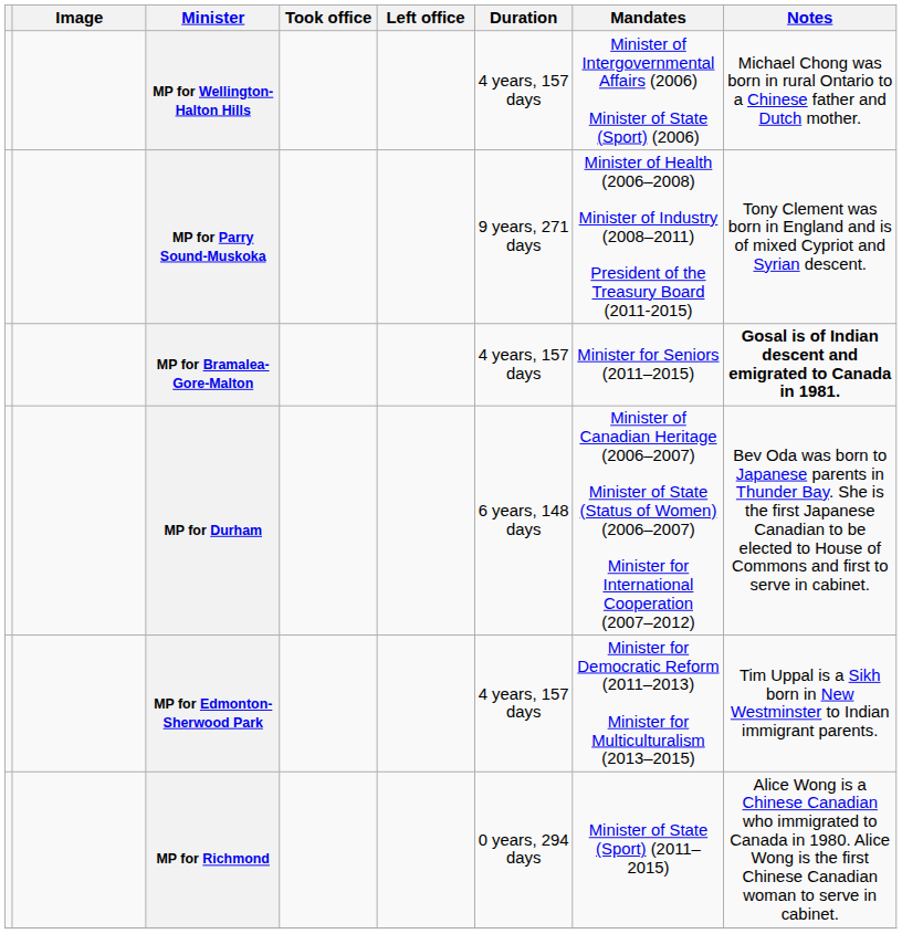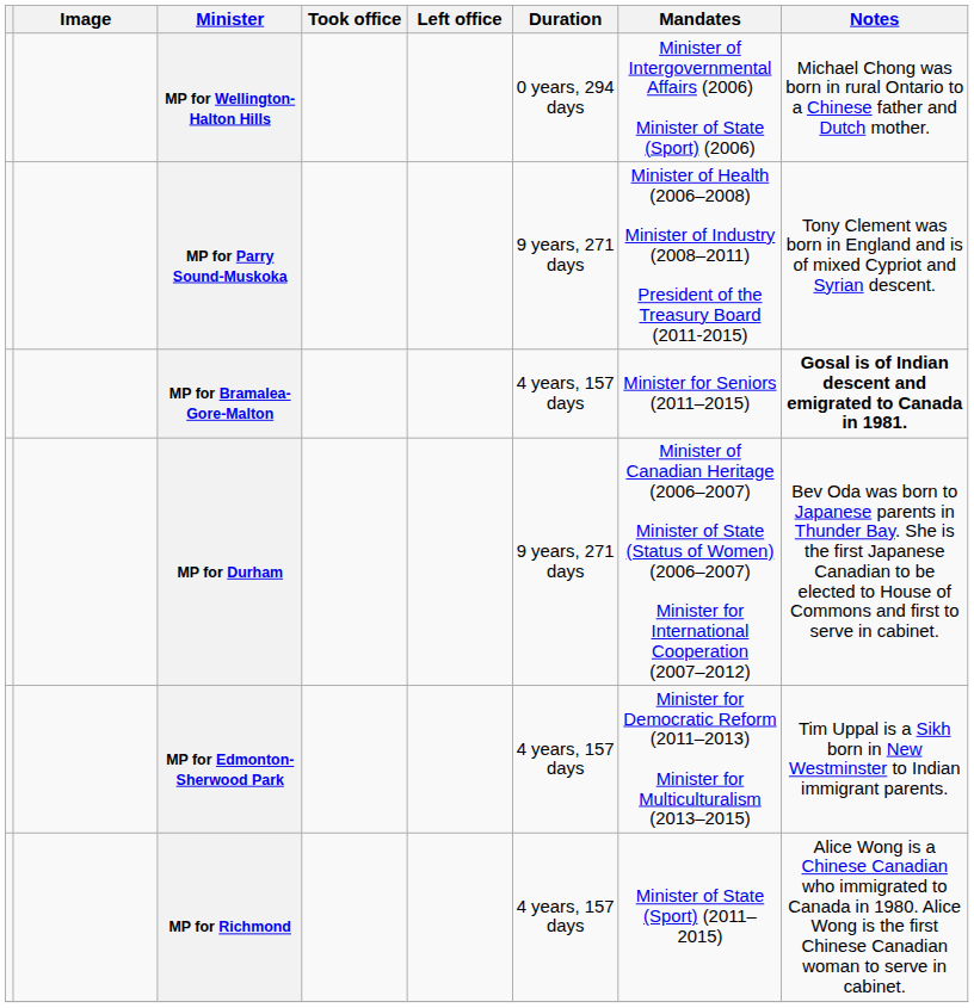 <table class="wikitable sortable plainrowheaders" style="text-align: center;">
 <tr>
 <th scope="col" class=unsortable></th>
 <th scope="col" class=unsortable>Image</th>
 <th scope="col"><a href='#'>Minister</a></th>
 <th scope="col" width=90px>Took office</th>
 <th scope="col" width=90px>Left office</th>
 <th scope="col" width=90px>Duration</th>
 <th scope="col" width=140px>Mandates</th>
 <th scope="col" width=165px><a href='#'>Notes</a></th>
 </tr>
 <tr>
 <td style="background: "></td>
 <td style="width:15%;"></td>
 <th scope="row" style="text-align:center; width:15%;"><br><small>MP for <a href='#'>Wellington-Halton Hills</a></small></th>
 <td></td>
 <td></td>
-<td>4 years, 157 days</td>
+<td>0 years, 294 days</td>
 <td><a href='#'>Minister of Intergovernmental Affairs</a> (2006) <br> <br> <a href='#'>Minister of State (Sport)</a> (2006)</td>
 <td>Michael Chong was born in rural Ontario to a <a href='#'>Chinese</a> father and <a href='#'>Dutch</a> mother.</td>
 </tr>
 <tr>
 <td style="background: "></td>
 <td style="width:15%;"></td>
 <th scope="row" style="text-align:center; width:15%;"><br><small>MP for <a href='#'>Parry Sound-Muskoka</a></small></th>
 <td></td>
 <td></td>
 <td>9 years, 271 days</td>
 <td><a href='#'>Minister of Health</a> (2006–2008) <br> <br> <a href='#'>Minister of Industry</a> (2008–2011) <br> <br> <a href='#'>President of the Treasury Board</a> (2011-2015)</td>
 <td>Tony Clement was born in England and is of mixed Cypriot and <a href='#'>Syrian</a> descent.</td>
 </tr>
 <tr>
 <td style="background: "></td>
 <td style="width:15%;"></td>
 <th scope="row" style="text-align:center; width:15%;"><br><small>MP for <a href='#'>Bramalea-Gore-Malton</a></small></th>
 <td></td>
 <td></td>
 <td>4 years, 157 days</td>
 <td><a href='#'>Minister for Seniors</a> (2011–2015)</td>
 <td><strong>Gosal is of Indian descent and emigrated to Canada in 1981.</strong></td>
 </tr>
 <tr>
 <td style="background: "></td>
 <td style="width:15%;"></td>
 <th scope="row" style="text-align:center; width:15%;"><br><small>MP for <a href='#'>Durham</a></small></th>
 <td></td>
 <td></td>
-<td>6 years, 148 days</td>
+<td>9 years, 271 days</td>
 <td><a href='#'>Minister of Canadian Heritage</a> (2006–2007) <br> <br> <a href='#'>Minister of State (Status of Women)</a> (2006–2007) <br> <br> <a href='#'>Minister for International Cooperation</a> (2007–2012)</td>
 <td>Bev Oda was born to <a href='#'>Japanese</a> parents in <a href='#'>Thunder Bay</a>. She is the first Japanese Canadian to be elected to House of Commons and first to serve in cabinet.</td>
 </tr>
 <tr>
 <td style="background: "></td>
 <td style="width:15%;"></td>
 <th scope="row" style="text-align:center; width:15%;"><br><small>MP for <a href='#'>Edmonton-Sherwood Park</a></small></th>
 <td></td>
 <td></td>
 <td>4 years, 157 days</td>
 <td><a href='#'>Minister for Democratic Reform</a> (2011–2013) <br> <br> <a href='#'>Minister for Multiculturalism</a> (2013–2015)</td>
 <td>Tim Uppal is a <a href='#'>Sikh</a> born in <a href='#'>New Westminster</a> to Indian immigrant parents.</td>
 </tr>
 <tr>
 <td style="background: "></td>
 <td style="width:15%;"></td>
 <th scope="row" style="text-align:center; width:15%;"><br><small>MP for <a href='#'>Richmond</a></small></th>
 <td></td>
 <td></td>
-<td>0 years, 294 days</td>
+<td>4 years, 157 days</td>
 <td><a href='#'>Minister of State (Sport)</a> (2011–2015)</td>
 <td>Alice Wong is a <a href='#'>Chinese Canadian</a> who immigrated to Canada in 1980. Alice Wong is the first Chinese Canadian woman to serve in cabinet.</td>
 </tr>
 <tr>
 </tr>
 </table>
